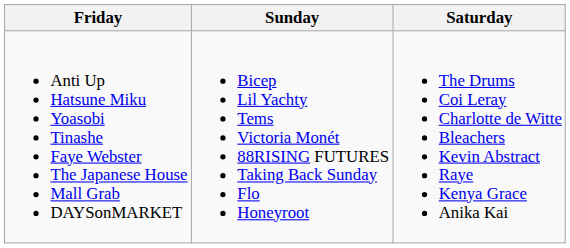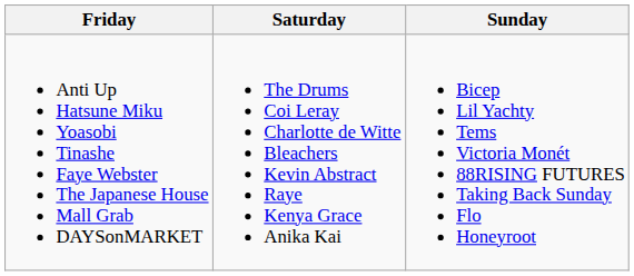 <table class="wikitable">
 <tr>
 <th>Friday</th>
+<th>Saturday</th>
 <th>Sunday</th>
-<th>Saturday</th>
 </tr>
 <tr valign="top">
 <td><br><ul><li>Anti Up</li><li><a href='#'>Hatsune Miku</a></li><li><a href='#'>Yoasobi</a></li><li><a href='#'>Tinashe</a></li><li><a href='#'>Faye Webster</a></li><li><a href='#'>The Japanese House</a></li><li><a href='#'>Mall Grab</a></li><li>DAYSonMARKET</li></ul></td>
+<td><br><ul><li><a href='#'>The Drums</a></li><li><a href='#'>Coi Leray</a></li><li><a href='#'>Charlotte de Witte</a></li><li><a href='#'>Bleachers</a></li><li><a href='#'>Kevin Abstract</a></li><li><a href='#'>Raye</a></li><li><a href='#'>Kenya Grace</a></li><li>Anika Kai</li></ul></td>
 <td><br><ul><li><a href='#'>Bicep</a></li><li><a href='#'>Lil Yachty</a></li><li><a href='#'>Tems</a></li><li><a href='#'>Victoria Monét</a></li><li><a href='#'>88RISING</a> FUTURES</li><li><a href='#'>Taking Back Sunday</a></li><li><a href='#'>Flo</a></li><li><a href='#'>Honeyroot</a></li></ul></td>
-<td><br><ul><li><a href='#'>The Drums</a></li><li><a href='#'>Coi Leray</a></li><li><a href='#'>Charlotte de Witte</a></li><li><a href='#'>Bleachers</a></li><li><a href='#'>Kevin Abstract</a></li><li><a href='#'>Raye</a></li><li><a href='#'>Kenya Grace</a></li><li>Anika Kai</li></ul></td>
 </tr>
 </table>
